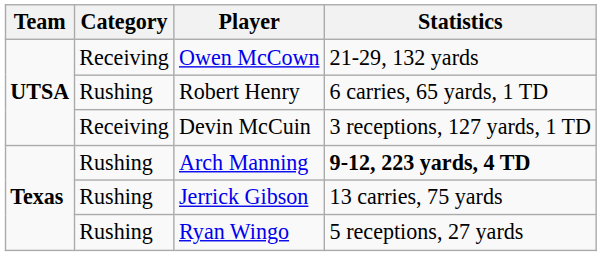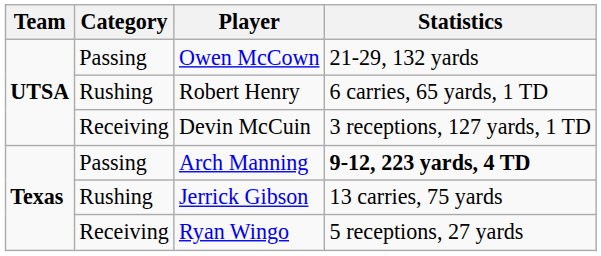 <table class="wikitable" style="float: right;">
 <tr>
 <th>Team</th>
 <th>Category</th>
 <th>Player</th>
 <th>Statistics</th>
 </tr>
 <tr>
 <td rowspan=3><strong>UTSA</strong></td>
-<td>Receiving</td>
+<td>Passing</td>
 <td><a href='#'>Owen McCown</a></td>
 <td>21-29, 132 yards</td>
 </tr>
 <tr>
 <td>Rushing</td>
 <td>Robert Henry</td>
 <td>6 carries, 65 yards, 1 TD</td>
 </tr>
 <tr>
 <td>Receiving</td>
 <td>Devin McCuin</td>
 <td>3 receptions, 127 yards, 1 TD</td>
 </tr>
 <tr>
 <td rowspan=3><strong>Texas</strong></td>
-<td>Rushing</td>
+<td>Passing</td>
 <td><a href='#'>Arch Manning</a></td>
 <td><strong>9-12, 223 yards, 4 TD</strong></td>
 </tr>
 <tr>
 <td>Rushing</td>
 <td><a href='#'>Jerrick Gibson</a></td>
 <td>13 carries, 75 yards</td>
 </tr>
 <tr>
-<td>Rushing</td>
+<td>Receiving</td>
 <td><a href='#'>Ryan Wingo</a></td>
 <td>5 receptions, 27 yards</td>
 </tr>
 </table>
